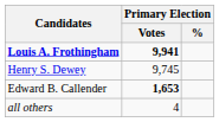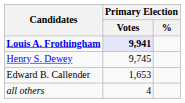 <table class=wikitable>
 <tr>
 <th colspan=1 rowspan=2 ><strong>Candidates</strong></th>
 <th colspan=2><strong>Primary Election</strong></th>
 </tr>
 <tr>
 <th>Votes</th>
 <th>%</th>
 </tr>
 <tr>
 <td><strong><a href='#'>Louis A. Frothingham</a></strong></td>
-<td align="right"><strong>9,941</strong></td>
+<td align="right" style="background: lavender;"><strong>9,941</strong></td>
 <td align="right"><strong></strong></td>
 </tr>
 <tr>
 <td><a href='#'>Henry S. Dewey</a></td>
 <td align="right">9,745</td>
 <td align="right"></td>
 </tr>
 <tr>
 <td>Edward B. Callender</td>
-<td align="right"><strong>1,653</strong></td>
+<td align="right">1,653</td>
 <td align="right"></td>
 </tr>
 <tr>
 <td><em>all others</em></td>
 <td align="right">4</td>
 <td align="right"></td>
 </tr>
 </table>
